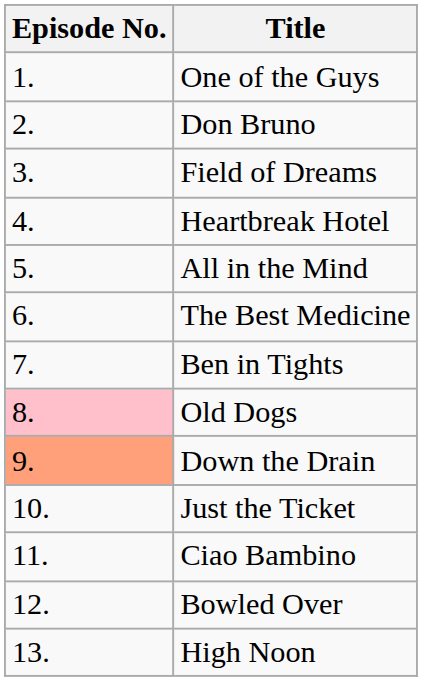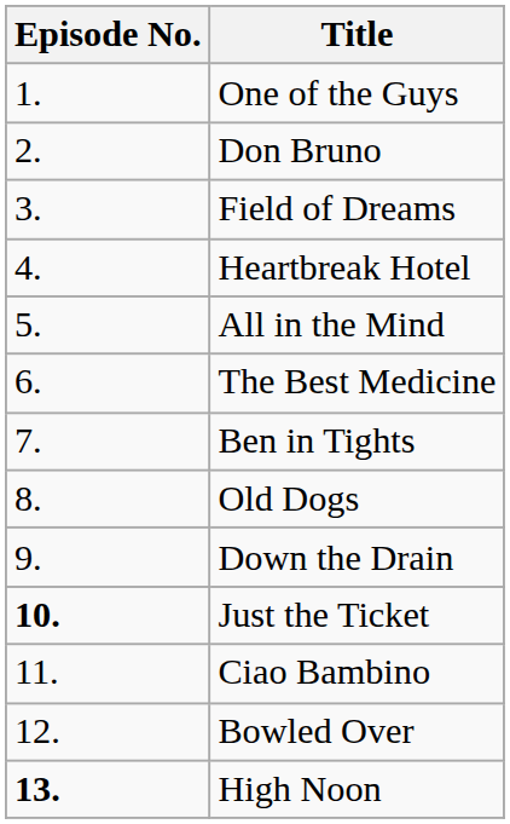 <table class="wikitable" border="1">
 <tr>
 <th>Episode No.</th>
 <th>Title</th>
 </tr>
 <tr>
 <td>1.</td>
 <td>One of the Guys</td>
 </tr>
 <tr>
 <td>2.</td>
 <td>Don Bruno</td>
 </tr>
 <tr>
 <td>3.</td>
 <td>Field of Dreams</td>
 </tr>
 <tr>
 <td>4.</td>
 <td>Heartbreak Hotel</td>
 </tr>
 <tr>
 <td>5.</td>
 <td>All in the Mind</td>
 </tr>
 <tr>
 <td>6.</td>
 <td>The Best Medicine</td>
 </tr>
 <tr>
 <td>7.</td>
 <td>Ben in Tights</td>
 </tr>
 <tr>
-<td style="background: pink;">8.</td>
+<td>8.</td>
 <td>Old Dogs</td>
 </tr>
 <tr>
-<td style="background: lightsalmon;">9.</td>
+<td>9.</td>
 <td>Down the Drain</td>
 </tr>
 <tr>
-<td>10.</td>
+<td><strong>10.</strong></td>
 <td>Just the Ticket</td>
 </tr>
 <tr>
 <td>11.</td>
 <td>Ciao Bambino</td>
 </tr>
 <tr>
 <td>12.</td>
 <td>Bowled Over</td>
 </tr>
 <tr>
-<td>13.</td>
+<td><strong>13.</strong></td>
 <td>High Noon</td>
 </tr>
 </table>
